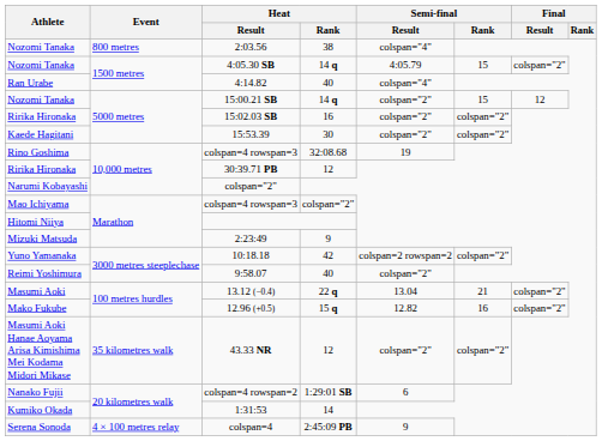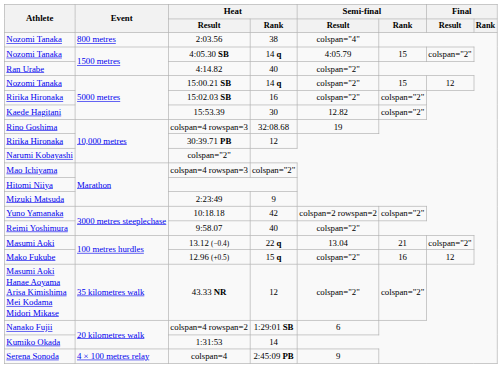 <table class="wikitable" style="font-size:90%">
 <tr>
 <th rowspan="2">Athlete</th>
 <th rowspan="2">Event</th>
 <th colspan="2">Heat</th>
 <th colspan="2">Semi-final</th>
 <th colspan="2">Final</th>
 </tr>
 <tr style="font-size:95%">
 <th>Result</th>
 <th>Rank</th>
 <th>Result</th>
 <th>Rank</th>
 <th>Result</th>
 <th>Rank</th>
 </tr>
 <tr align="center">
 <td align="left"><a href='#'>Nozomi Tanaka</a></td>
 <td align="left"><a href='#'>800 metres</a></td>
 <td>2:03.56</td>
 <td>38</td>
 <td>colspan="4" </td>
 </tr>
 <tr align="center">
 <td align="left"><a href='#'>Nozomi Tanaka</a></td>
 <td rowspan="2" align="left"><a href='#'>1500 metres</a></td>
 <td>4:05.30 <strong>SB</strong></td>
 <td>14 <strong>q</strong></td>
 <td>4:05.79</td>
 <td>15</td>
 <td>colspan="2" </td>
 </tr>
 <tr align="center">
 <td align="left"><a href='#'>Ran Urabe</a></td>
 <td>4:14.82</td>
 <td>40</td>
-<td>colspan="4" </td>
+<td>colspan="2" </td>
 </tr>
 <tr align="center">
 <td align="left"><a href='#'>Nozomi Tanaka</a></td>
 <td rowspan="3" align="left"><a href='#'>5000 metres</a></td>
 <td>15:00.21 <strong>SB</strong></td>
 <td>14 <strong>q</strong></td>
 <td>colspan="2" </td>
 <td>15</td>
 <td>12</td>
 </tr>
 <tr align="center">
 <td align="left"><a href='#'>Ririka Hironaka</a></td>
 <td>15:02.03 <strong>SB</strong></td>
 <td>16</td>
 <td>colspan="2" </td>
 <td>colspan="2" </td>
 </tr>
 <tr align="center">
 <td align="left"><a href='#'>Kaede Hagitani</a></td>
 <td>15:53.39</td>
 <td>30</td>
-<td>colspan="2" </td>
+<td>12.82</td>
 <td>colspan="2" </td>
 </tr>
 <tr align="center">
 <td align="left"><a href='#'>Rino Goshima</a></td>
 <td rowspan="3" align="left"><a href='#'>10,000 metres</a></td>
 <td>colspan=4 rowspan=3 </td>
 <td>32:08.68</td>
 <td>19</td>
 </tr>
 <tr align="center">
 <td align="left"><a href='#'>Ririka Hironaka</a></td>
 <td>30:39.71 <strong>PB</strong></td>
 <td>12</td>
 </tr>
 <tr align="center">
 <td align="left"><a href='#'>Narumi Kobayashi</a></td>
 <td>colspan="2" </td>
 </tr>
 <tr align="center">
 <td align="left"><a href='#'>Mao Ichiyama</a></td>
 <td rowspan="3" align="left"><a href='#'>Marathon</a></td>
 <td>colspan=4 rowspan=3 </td>
 <td>colspan="2" </td>
 </tr>
 <tr align="center">
 <td align="left"><a href='#'>Hitomi Niiya</a></td>
 <td colspan="2"></td>
 </tr>
 <tr align="center">
 <td align="left"><a href='#'>Mizuki Matsuda</a></td>
 <td>2:23:49</td>
 <td>9</td>
 </tr>
 <tr align="center">
 <td align="left"><a href='#'>Yuno Yamanaka</a></td>
 <td rowspan="2" align="left"><a href='#'>3000 metres steeplechase</a></td>
 <td>10:18.18</td>
 <td>42</td>
 <td>colspan=2 rowspan=2 </td>
 <td>colspan="2" </td>
 </tr>
 <tr align="center">
 <td align="left"><a href='#'>Reimi Yoshimura</a></td>
 <td>9:58.07</td>
 <td>40</td>
 <td>colspan="2" </td>
 </tr>
 <tr align="center">
 <td align="left"><a href='#'>Masumi Aoki</a></td>
 <td rowspan="2" align="left"><a href='#'>100 metres hurdles</a></td>
 <td>13.12 <small>(−0.4)</small></td>
 <td>22 <strong>q</strong></td>
 <td>13.04</td>
 <td>21</td>
 <td>colspan="2" </td>
 </tr>
 <tr align="center">
 <td align="left"><a href='#'>Mako Fukube</a></td>
 <td>12.96 <small>(+0.5)</small></td>
 <td>15 <strong>q</strong></td>
-<td>12.82</td>
+<td>colspan="2" </td>
 <td>16</td>
-<td>colspan="2" </td>
+<td>12</td>
 </tr>
 <tr align="center">
 <td align="left"><a href='#'>Masumi Aoki</a><br><a href='#'>Hanae Aoyama</a><br><a href='#'>Arisa Kimishima</a><br><a href='#'>Mei Kodama</a><br><a href='#'>Midori Mikase</a></td>
 <td align="left"><a href='#'>35 kilometres walk</a></td>
 <td>43.33 <strong>NR</strong></td>
 <td>12</td>
 <td>colspan="2" </td>
 <td>colspan="2" </td>
 </tr>
 <tr align="center">
 <td align="left"><a href='#'>Nanako Fujii</a></td>
 <td rowspan="2" align="left"><a href='#'>20 kilometres walk</a></td>
 <td>colspan=4 rowspan=2 </td>
 <td>1:29:01 <strong>SB</strong></td>
 <td>6</td>
 </tr>
 <tr align="center">
 <td align="left"><a href='#'>Kumiko Okada</a></td>
 <td>1:31:53</td>
 <td>14</td>
 </tr>
 <tr align="center">
 <td align="left"><a href='#'>Serena Sonoda</a></td>
 <td align="left"><a href='#'>4 × 100 metres relay</a></td>
 <td>colspan=4 </td>
 <td>2:45:09 <strong>PB</strong></td>
 <td>9</td>
 </tr>
 </table>
